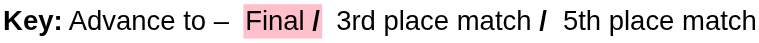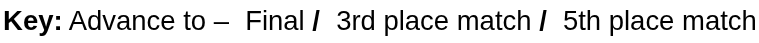 <table style="font-size: 85%;">
 <tr>
 <td height=5></td>
 </tr>
 <tr>
 <td><strong>Key:</strong> Advance to –</td>
 <td></td>
-<td style="background: pink;">Final <strong>/</strong></td>
+<td>Final <strong>/</strong></td>
 <td></td>
 <td>3rd place match <strong>/</strong></td>
 <td></td>
 <td>5th place match</td>
 </tr>
 </table>
